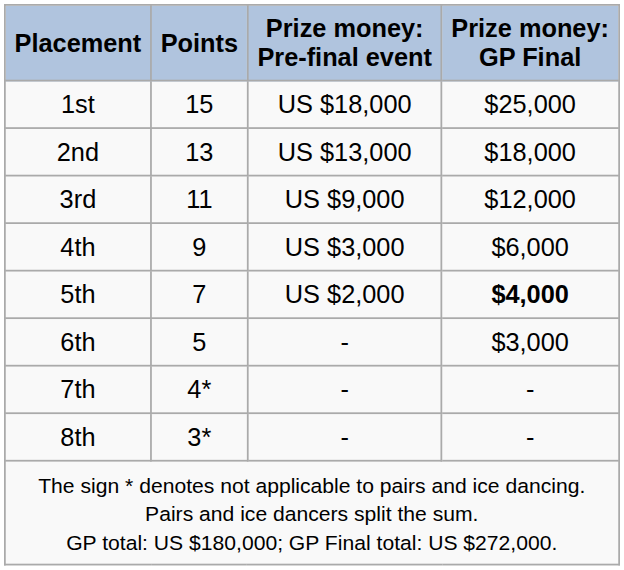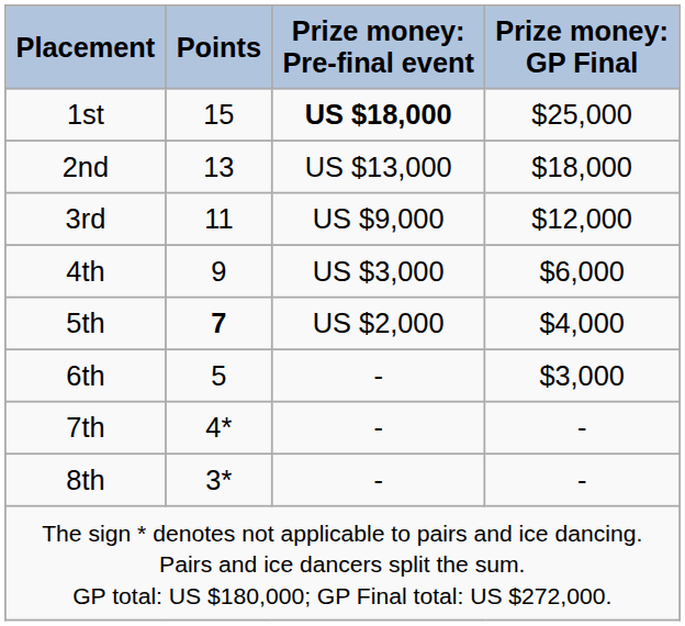 <table border="2" cellpadding="5" cellspacing="0" style="margin: 1em 1em 1em 0; background: #f9f9f9; border: 1px #aaa solid; border-collapse: collapse; font-size: 90%; text-align:center; ">
 <tr style="background:#b0c4de; ">
 <th>Placement</th>
 <th>Points</th>
 <th>Prize money: <br> Pre-final event</th>
 <th>Prize money: <br> GP Final</th>
 </tr>
 <tr>
 <td>1st</td>
 <td>15</td>
-<td>US $18,000</td>
+<td><strong>US $18,000</strong></td>
 <td>$25,000</td>
 </tr>
 <tr>
 <td>2nd</td>
 <td>13</td>
 <td>US $13,000</td>
 <td>$18,000</td>
 </tr>
 <tr>
 <td>3rd</td>
 <td>11</td>
 <td>US $9,000</td>
 <td>$12,000</td>
 </tr>
 <tr>
 <td>4th</td>
 <td>9</td>
 <td>US $3,000</td>
 <td>$6,000</td>
 </tr>
 <tr>
 <td>5th</td>
-<td>7</td>
+<td><strong>7</strong></td>
 <td>US $2,000</td>
-<td><strong>$4,000</strong></td>
+<td>$4,000</td>
 </tr>
 <tr>
 <td>6th</td>
 <td>5</td>
 <td>-</td>
 <td>$3,000</td>
 </tr>
 <tr>
 <td>7th</td>
 <td>4*</td>
 <td>-</td>
 <td>-</td>
 </tr>
 <tr>
 <td>8th</td>
 <td>3*</td>
 <td>-</td>
 <td>-</td>
 </tr>
 <tr>
 <td colspan=4 align=center><small> The sign * denotes not applicable to pairs and ice dancing. <br> Pairs and ice dancers split the sum. <br> GP total: US $180,000; GP Final total: US $272,000. </small></td>
 </tr>
 </table>
